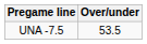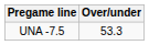 <table class="wikitable">
 <tr align="center">
 <th>Pregame line</th>
 <th>Over/under</th>
 </tr>
 <tr align="center">
 <td>UNA -7.5</td>
-<td>53.5</td>
+<td>53.3</td>
 </tr>
 </table>
